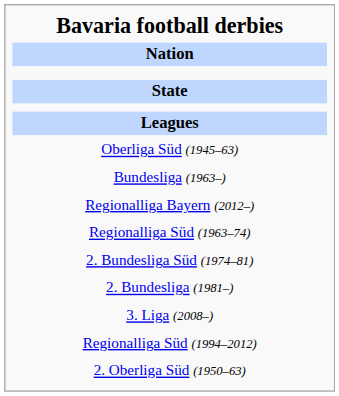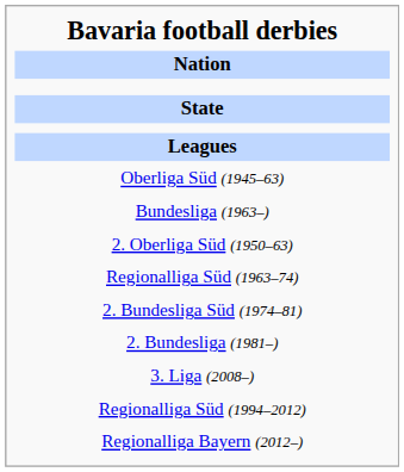 <table class="infobox football" style="width: 15em; text-align: center;">
 <tr>
 <th style="font-size: 16px;">Bavaria football derbies</th>
 </tr>
 <tr>
 <td style="font-size: 12px; background: #BFD7FF;"><strong>Nation</strong></td>
 </tr>
 <tr>
 <td style="font-size: 12px;"></td>
 </tr>
 <tr>
 <td style="font-size: 11px; line-height: 15px;"></td>
 </tr>
 <tr>
 <td style="font-size: 12px; background: #BFD7FF;"><strong>State</strong></td>
 </tr>
 <tr>
 <td style="font-size: 12px;"></td>
 </tr>
 <tr>
 <td style="font-size: 12px; background: #BFD7FF;"><strong>Leagues</strong></td>
 </tr>
 <tr>
 <td style="font-size: 11px; line-height: 15px;"><a href='#'>Oberliga Süd</a> <small><em>(1945–63)</em></small></td>
 </tr>
 <tr>
 <td style="font-size: 11px; line-height: 15px;"><a href='#'>Bundesliga</a> <small><em>(1963–)</em></small></td>
 </tr>
 <tr>
-<td style="font-size: 11px; line-height: 15px;"><a href='#'>Regionalliga Bayern</a> <small><em>(2012–)</em></small></td>
+<td style="font-size: 11px; line-height: 15px;"><a href='#'>2. Oberliga Süd</a> <small><em>(1950–63)</em></small></td>
 </tr>
 <tr>
 <td style="font-size: 11px; line-height: 15px;"><a href='#'>Regionalliga Süd</a> <small><em>(1963–74)</em></small></td>
 </tr>
 <tr>
 <td style="font-size: 11px; line-height: 15px;"><a href='#'>2. Bundesliga Süd</a> <small><em>(1974–81)</em></small></td>
 </tr>
 <tr>
 <td style="font-size: 11px; line-height: 15px;"><a href='#'>2. Bundesliga</a> <small><em>(1981–)</em></small></td>
 </tr>
 <tr>
 <td style="font-size: 11px; line-height: 15px;"><a href='#'>3. Liga</a> <small><em>(2008–)</em></small></td>
 </tr>
 <tr>
 <td style="font-size: 11px; line-height: 15px;"><a href='#'>Regionalliga Süd</a> <small><em>(1994–2012)</em></small></td>
 </tr>
 <tr>
-<td style="font-size: 11px; line-height: 15px;"><a href='#'>2. Oberliga Süd</a> <small><em>(1950–63)</em></small></td>
+<td style="font-size: 11px; line-height: 15px;"><a href='#'>Regionalliga Bayern</a> <small><em>(2012–)</em></small></td>
 </tr>
 </table>
